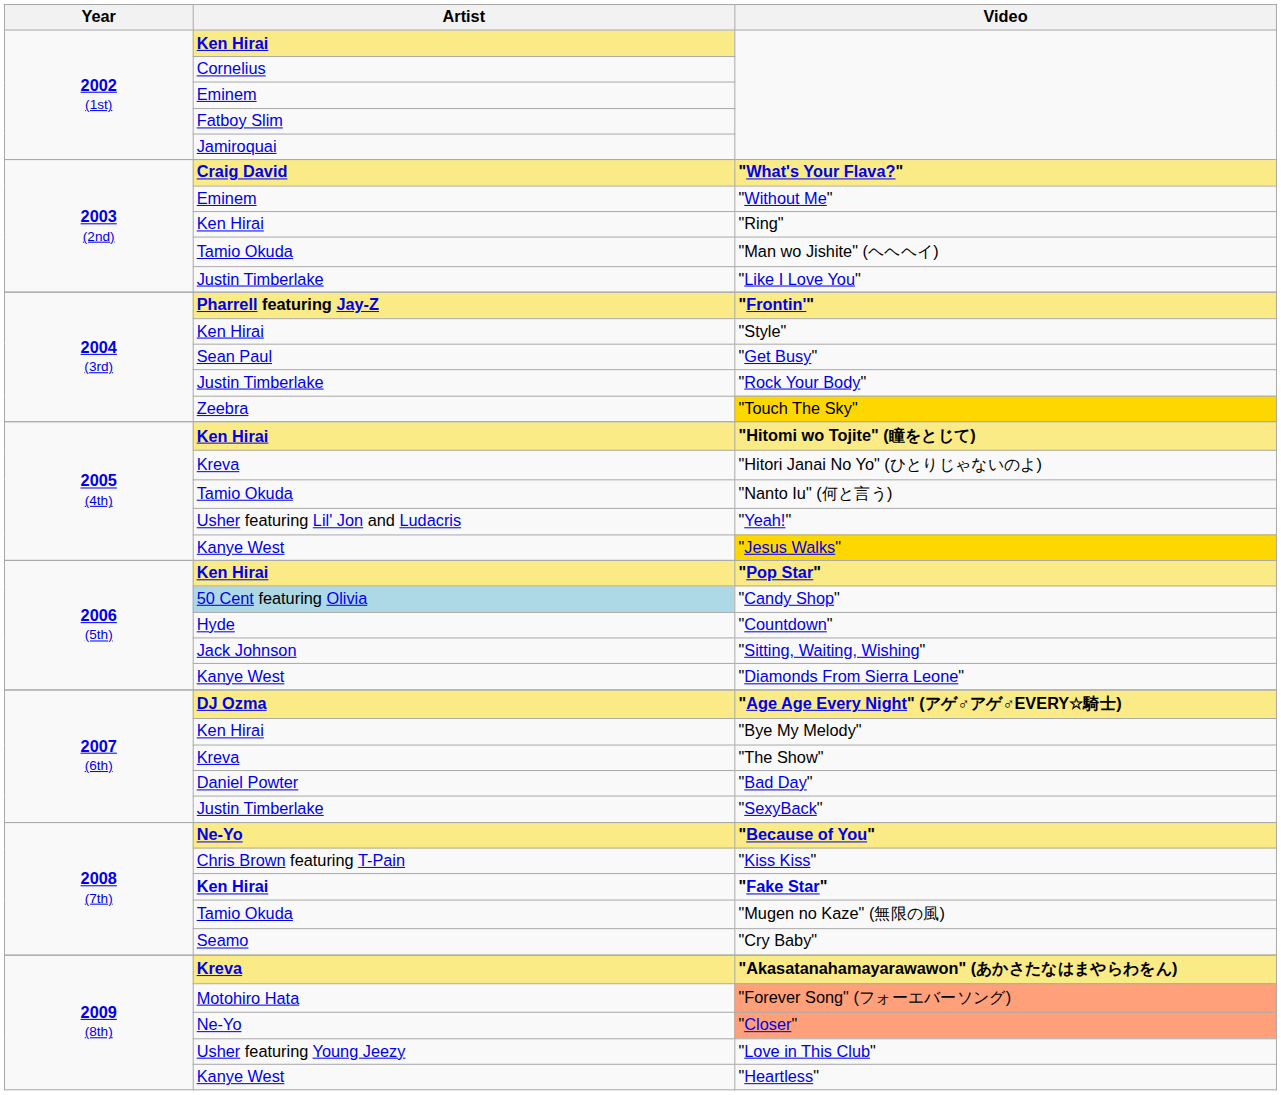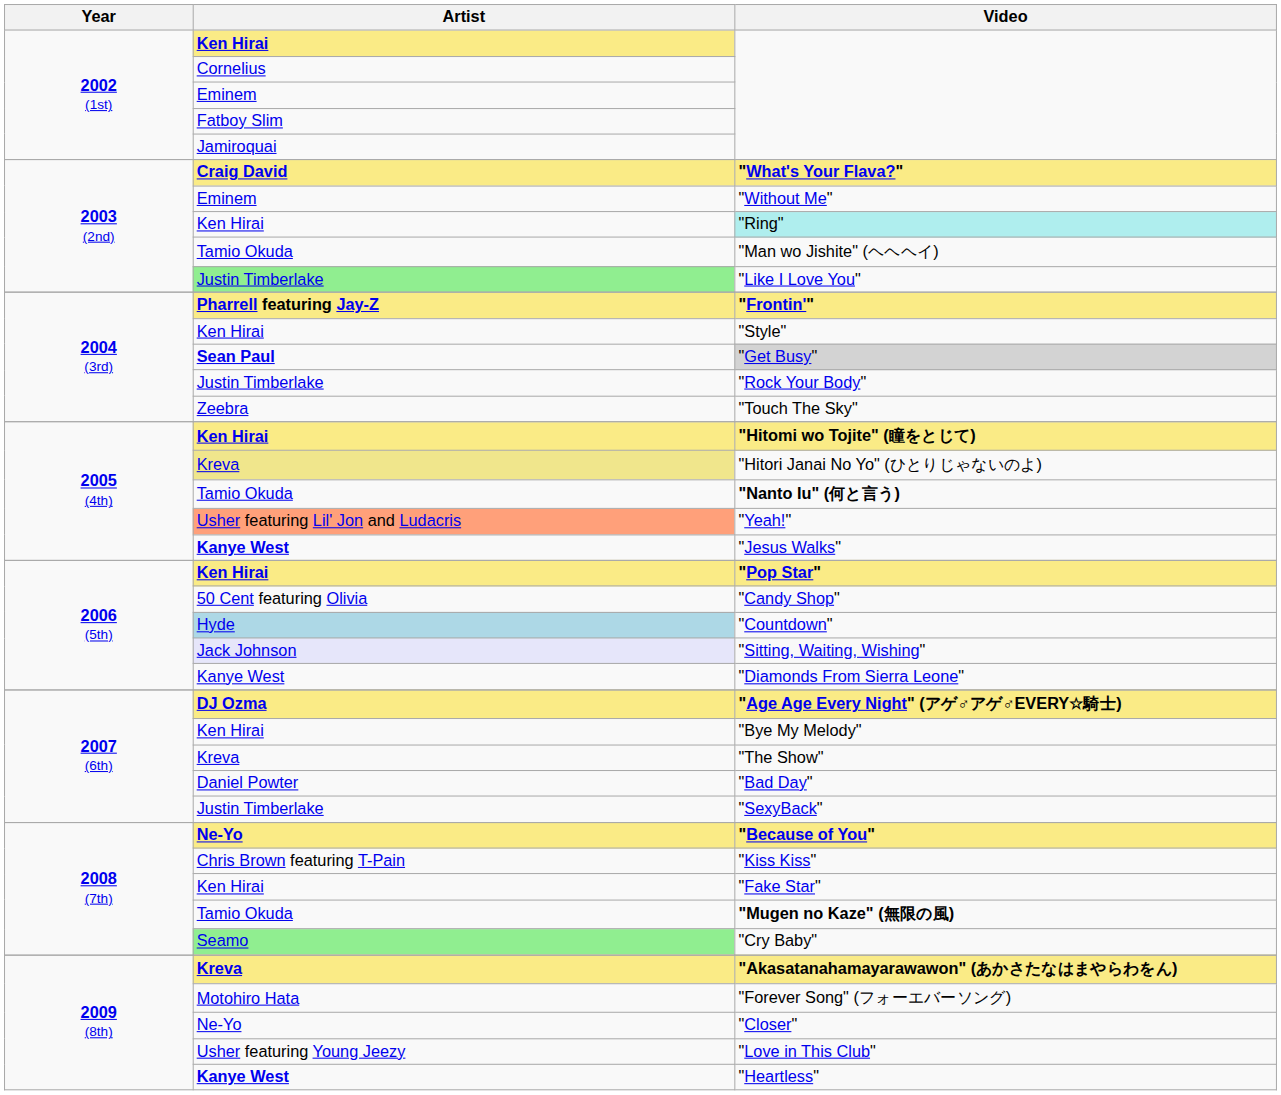 <table class="sortable wikitable">
 <tr>
 <th width="8%">Year</th>
 <th width="23%">Artist</th>
 <th width="23%">Video</th>
 </tr>
 <tr>
 <td rowspan=5 style="text-align:center"><strong><a href='#'>2002</a></strong><br><small><a href='#'>(1st)</a></small></td>
 <td style="background:#FAEB86"><strong><a href='#'>Ken Hirai</a></strong></td>
 </tr>
 <tr>
 <td><a href='#'>Cornelius</a></td>
 </tr>
 <tr>
 <td><a href='#'>Eminem</a></td>
 </tr>
 <tr>
 <td><a href='#'>Fatboy Slim</a></td>
 </tr>
 <tr>
 <td><a href='#'>Jamiroquai</a></td>
 </tr>
 <tr>
 </tr>
 <tr>
 <td rowspan=5 style="text-align:center"><strong><a href='#'>2003</a></strong><br><small><a href='#'>(2nd)</a></small></td>
 <td style="background:#FAEB86"><strong><a href='#'>Craig David</a></strong></td>
 <td style="background:#FAEB86"><strong>"<a href='#'>What's Your Flava?</a>"</strong></td>
 </tr>
 <tr>
 <td><a href='#'>Eminem</a></td>
 <td>"<a href='#'>Without Me</a>"</td>
 </tr>
 <tr>
 <td><a href='#'>Ken Hirai</a></td>
-<td>"Ring"</td>
+<td style="background: paleturquoise;">"Ring"</td>
 </tr>
 <tr>
 <td><a href='#'>Tamio Okuda</a></td>
 <td>"Man wo Jishite" (ヘヘヘイ)</td>
 </tr>
 <tr>
-<td><a href='#'>Justin Timberlake</a></td>
+<td style="background: lightgreen;"><a href='#'>Justin Timberlake</a></td>
 <td>"<a href='#'>Like I Love You</a>"</td>
 </tr>
 <tr>
 </tr>
 <tr>
 <td rowspan=5 style="text-align:center"><strong><a href='#'>2004</a></strong><br><small><a href='#'>(3rd)</a></small></td>
 <td style="background:#FAEB86"><strong><a href='#'>Pharrell</a> featuring <a href='#'>Jay-Z</a></strong></td>
 <td style="background:#FAEB86"><strong>"<a href='#'>Frontin'</a>"</strong></td>
 </tr>
 <tr>
 <td><a href='#'>Ken Hirai</a></td>
 <td>"Style"</td>
 </tr>
 <tr>
-<td><a href='#'>Sean Paul</a></td>
-<td>"<a href='#'>Get Busy</a>"</td>
+<td><strong><a href='#'>Sean Paul</a></strong></td>
+<td style="background: lightgrey;">"<a href='#'>Get Busy</a>"</td>
 </tr>
 <tr>
 <td><a href='#'>Justin Timberlake</a></td>
 <td>"<a href='#'>Rock Your Body</a>"</td>
 </tr>
 <tr>
 <td><a href='#'>Zeebra</a></td>
-<td style="background: gold;">"Touch The Sky"</td>
+<td>"Touch The Sky"</td>
 </tr>
 <tr>
 </tr>
 <tr>
 <td rowspan=5 style="text-align:center"><strong><a href='#'>2005</a></strong><br><small><a href='#'>(4th)</a></small></td>
 <td style="background:#FAEB86"><strong><a href='#'>Ken Hirai</a></strong></td>
 <td style="background:#FAEB86"><strong>"Hitomi wo Tojite" (瞳をとじて)</strong></td>
 </tr>
 <tr>
-<td><a href='#'>Kreva</a></td>
+<td style="background: khaki;"><a href='#'>Kreva</a></td>
 <td>"Hitori Janai No Yo" (ひとりじゃないのよ)</td>
 </tr>
 <tr>
 <td><a href='#'>Tamio Okuda</a></td>
-<td>"Nanto Iu" (何と言う)</td>
+<td><strong>"Nanto Iu" (何と言う)</strong></td>
 </tr>
 <tr>
-<td><a href='#'>Usher</a> featuring <a href='#'>Lil' Jon</a> and <a href='#'>Ludacris</a></td>
+<td style="background: lightsalmon;"><a href='#'>Usher</a> featuring <a href='#'>Lil' Jon</a> and <a href='#'>Ludacris</a></td>
 <td>"<a href='#'>Yeah!</a>"</td>
 </tr>
 <tr>
-<td><a href='#'>Kanye West</a></td>
-<td style="background: gold;">"<a href='#'>Jesus Walks</a>"</td>
+<td><strong><a href='#'>Kanye West</a></strong></td>
+<td>"<a href='#'>Jesus Walks</a>"</td>
 </tr>
 <tr>
 </tr>
 <tr>
 <td rowspan=5 style="text-align:center"><strong><a href='#'>2006</a></strong><br><small><a href='#'>(5th)</a></small></td>
 <td style="background:#FAEB86"><strong><a href='#'>Ken Hirai</a></strong></td>
 <td style="background:#FAEB86"><strong>"<a href='#'>Pop Star</a>"</strong></td>
 </tr>
 <tr>
-<td style="background: lightblue;"><a href='#'>50 Cent</a> featuring <a href='#'>Olivia</a></td>
+<td><a href='#'>50 Cent</a> featuring <a href='#'>Olivia</a></td>
 <td>"<a href='#'>Candy Shop</a>"</td>
 </tr>
 <tr>
-<td><a href='#'>Hyde</a></td>
+<td style="background: lightblue;"><a href='#'>Hyde</a></td>
 <td>"<a href='#'>Countdown</a>"</td>
 </tr>
 <tr>
-<td><a href='#'>Jack Johnson</a></td>
+<td style="background: lavender;"><a href='#'>Jack Johnson</a></td>
 <td>"<a href='#'>Sitting, Waiting, Wishing</a>"</td>
 </tr>
 <tr>
 <td><a href='#'>Kanye West</a></td>
 <td>"<a href='#'>Diamonds From Sierra Leone</a>"</td>
 </tr>
 <tr>
 </tr>
 <tr>
 <td rowspan=5 style="text-align:center"><strong><a href='#'>2007</a></strong><br><small><a href='#'>(6th)</a></small></td>
 <td style="background:#FAEB86"><strong><a href='#'>DJ Ozma</a></strong></td>
 <td style="background:#FAEB86"><strong>"<a href='#'>Age Age Every Night</a>" (アゲ♂アゲ♂EVERY☆騎士)</strong></td>
 </tr>
 <tr>
 <td><a href='#'>Ken Hirai</a></td>
 <td>"Bye My Melody"</td>
 </tr>
 <tr>
 <td><a href='#'>Kreva</a></td>
 <td>"The Show"</td>
 </tr>
 <tr>
 <td><a href='#'>Daniel Powter</a></td>
 <td>"<a href='#'>Bad Day</a>"</td>
 </tr>
 <tr>
 <td><a href='#'>Justin Timberlake</a></td>
 <td>"<a href='#'>SexyBack</a>"</td>
 </tr>
 <tr>
 </tr>
 <tr>
 <td rowspan=5 style="text-align:center"><strong><a href='#'>2008</a></strong><br><small><a href='#'>(7th)</a></small></td>
 <td style="background:#FAEB86"><strong><a href='#'>Ne-Yo</a></strong></td>
 <td style="background:#FAEB86"><strong>"<a href='#'>Because of You</a>"</strong></td>
 </tr>
 <tr>
 <td><a href='#'>Chris Brown</a> featuring <a href='#'>T-Pain</a></td>
 <td>"<a href='#'>Kiss Kiss</a>"</td>
 </tr>
 <tr>
-<td><strong><a href='#'>Ken Hirai</a></strong></td>
-<td><strong>"<a href='#'>Fake Star</a>"</strong></td>
+<td><a href='#'>Ken Hirai</a></td>
+<td>"<a href='#'>Fake Star</a>"</td>
 </tr>
 <tr>
 <td><a href='#'>Tamio Okuda</a></td>
-<td>"Mugen no Kaze" (無限の風)</td>
+<td><strong>"Mugen no Kaze" (無限の風)</strong></td>
 </tr>
 <tr>
-<td><a href='#'>Seamo</a></td>
+<td style="background: lightgreen;"><a href='#'>Seamo</a></td>
 <td>"Cry Baby"</td>
 </tr>
 <tr>
 </tr>
 <tr>
 <td rowspan=5 style="text-align:center"><strong><a href='#'>2009</a></strong><br><small><a href='#'>(8th)</a></small></td>
 <td style="background:#FAEB86"><strong><a href='#'>Kreva</a></strong></td>
 <td style="background:#FAEB86"><strong>"Akasatanahamayarawawon" (あかさたなはまやらわをん)</strong></td>
 </tr>
 <tr>
 <td><a href='#'>Motohiro Hata</a></td>
-<td style="background: lightsalmon;">"Forever Song" (フォーエバーソング)</td>
+<td>"Forever Song" (フォーエバーソング)</td>
 </tr>
 <tr>
 <td><a href='#'>Ne-Yo</a></td>
-<td style="background: lightsalmon;">"<a href='#'>Closer</a>"</td>
+<td>"<a href='#'>Closer</a>"</td>
 </tr>
 <tr>
 <td><a href='#'>Usher</a> featuring <a href='#'>Young Jeezy</a></td>
 <td>"<a href='#'>Love in This Club</a>"</td>
 </tr>
 <tr>
-<td><a href='#'>Kanye West</a></td>
+<td><strong><a href='#'>Kanye West</a></strong></td>
 <td>"<a href='#'>Heartless</a>"</td>
 </tr>
 </table>
